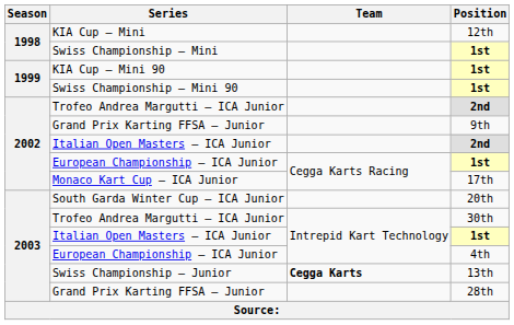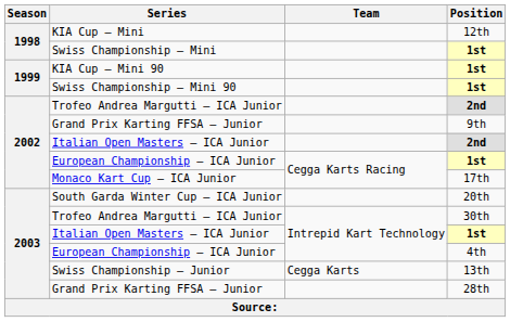 <table class="wikitable" style="font-size: 90%; text-align:center">
 <tr>
 <th>Season</th>
 <th>Series</th>
 <th>Team</th>
 <th>Position</th>
 </tr>
 <tr>
 <th rowspan="2">1998</th>
 <td align="left">KIA Cup — Mini</td>
 <td align="left"></td>
 <td>12th</td>
 </tr>
 <tr>
 <td align="left">Swiss Championship — Mini</td>
 <td align="left"></td>
 <td style="background:#FFFFBF;"><strong>1st</strong></td>
 </tr>
 <tr>
 <th rowspan="2">1999</th>
 <td align="left">KIA Cup — Mini 90</td>
 <td align="left"></td>
 <td style="background:#FFFFBF;"><strong>1st</strong></td>
 </tr>
 <tr>
 <td align="left">Swiss Championship — Mini 90</td>
 <td align="left"></td>
 <td style="background:#FFFFBF;"><strong>1st</strong></td>
 </tr>
 <tr>
 <th rowspan="5">2002</th>
 <td align="left">Trofeo Andrea Margutti — ICA Junior</td>
 <td align="left"></td>
 <td style="background:#DFDFDF;"><strong>2nd</strong></td>
 </tr>
 <tr>
 <td align="left">Grand Prix Karting FFSA — Junior</td>
 <td align="left"></td>
 <td>9th</td>
 </tr>
 <tr>
 <td align="left"><a href='#'>Italian Open Masters</a> — ICA Junior</td>
 <td align="left"></td>
 <td style="background:#DFDFDF;"><strong>2nd</strong></td>
 </tr>
 <tr>
 <td align="left"><a href='#'>European Championship</a> — ICA Junior</td>
 <td rowspan="2" align="left">Cegga Karts Racing</td>
 <td style="background:#FFFFBF;"><strong>1st</strong></td>
 </tr>
 <tr>
 <td align="left"><a href='#'>Monaco Kart Cup</a> — ICA Junior</td>
 <td>17th</td>
 </tr>
 <tr>
 <th rowspan="6">2003</th>
 <td align="left">South Garda Winter Cup — ICA Junior</td>
 <td align="left"></td>
 <td>20th</td>
 </tr>
 <tr>
 <td align="left">Trofeo Andrea Margutti — ICA Junior</td>
 <td rowspan="3">Intrepid Kart Technology</td>
 <td>30th</td>
 </tr>
 <tr>
 <td align="left"><a href='#'>Italian Open Masters</a> — ICA Junior</td>
 <td style="background:#FFFFBF;"><strong>1st</strong></td>
 </tr>
 <tr>
 <td align="left"><a href='#'>European Championship</a> — ICA Junior</td>
 <td>4th</td>
 </tr>
 <tr>
 <td align="left">Swiss Championship — Junior</td>
-<td align="left"><strong>Cegga Karts</strong></td>
+<td align="left">Cegga Karts</td>
 <td>13th</td>
 </tr>
 <tr>
 <td align="left">Grand Prix Karting FFSA — Junior</td>
 <td align="left"></td>
 <td>28th</td>
 </tr>
 <tr>
 <th colspan="4">Source:</th>
 </tr>
 </table>
